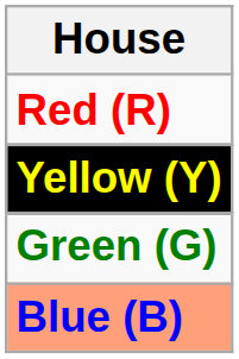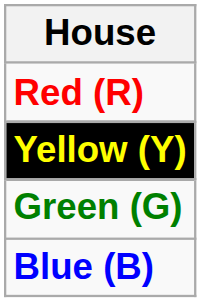 <table class="wikitable">
 <tr>
 <th width=0%>House</th>
 </tr>
 <tr style="color:red;">
 <td><strong>Red (R)</strong></td>
 </tr>
 <tr style="background-color: black; color: yellow;">
 <td><strong>Yellow (Y)</strong></td>
 </tr>
 <tr style="color:green;">
 <td><strong>Green (G)</strong></td>
 </tr>
 <tr style="color:blue;">
-<td style="background: lightsalmon;"><strong>Blue (B)</strong></td>
+<td><strong>Blue (B)</strong></td>
 </tr>
 </table>
